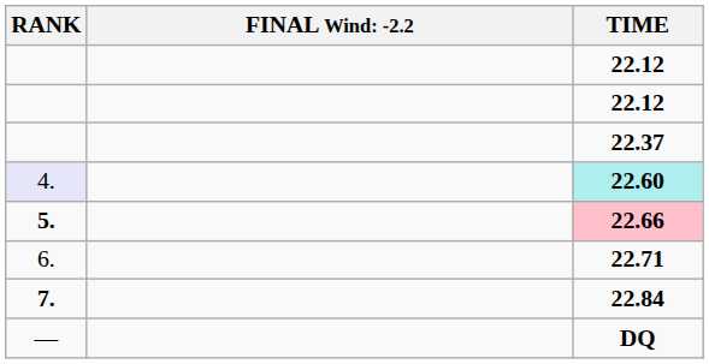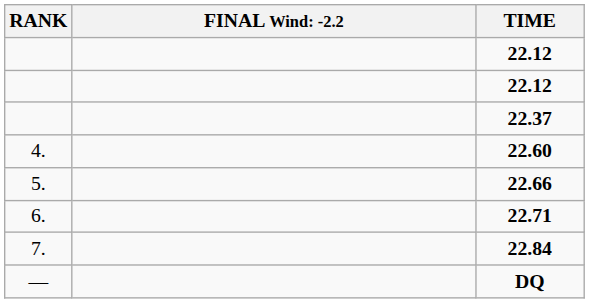 <table class="wikitable" style="border-collapse: collapse; font-size: 90%;">
 <tr>
 <th>RANK</th>
 <th style="width: 20em">FINAL <small>Wind: -2.2</small></th>
 <th style="width: 5em">TIME</th>
 </tr>
 <tr>
 <td align="center"></td>
 <td></td>
 <td align="center"><strong>22.12</strong></td>
 </tr>
 <tr>
 <td align="center"></td>
 <td></td>
 <td align="center"><strong>22.12</strong></td>
 </tr>
 <tr>
 <td align="center"></td>
 <td></td>
 <td align="center"><strong>22.37</strong></td>
 </tr>
 <tr>
-<td align="center" style="background: lavender;">4.</td>
+<td align="center">4.</td>
 <td></td>
-<td align="center" style="background: paleturquoise;"><strong>22.60</strong></td>
+<td align="center"><strong>22.60</strong></td>
 </tr>
 <tr>
-<td align="center"><strong>5.</strong></td>
+<td align="center">5.</td>
 <td></td>
-<td align="center" style="background: pink;"><strong>22.66</strong></td>
+<td align="center"><strong>22.66</strong></td>
 </tr>
 <tr>
 <td align="center">6.</td>
 <td></td>
 <td align="center"><strong>22.71</strong></td>
 </tr>
 <tr>
-<td align="center"><strong>7.</strong></td>
+<td align="center">7.</td>
 <td></td>
 <td align="center"><strong>22.84</strong></td>
 </tr>
 <tr>
 <td align="center">—</td>
 <td></td>
 <td align="center"><strong>DQ</strong></td>
 </tr>
 </table>
